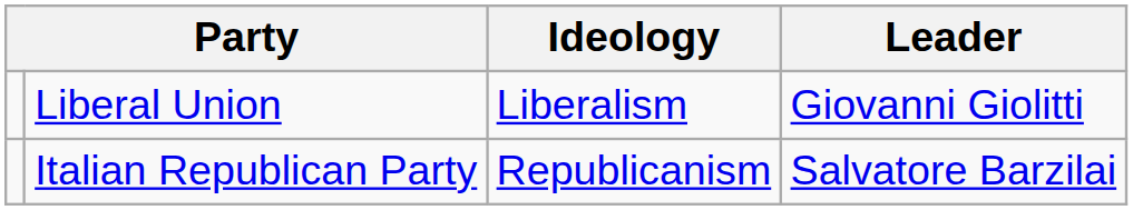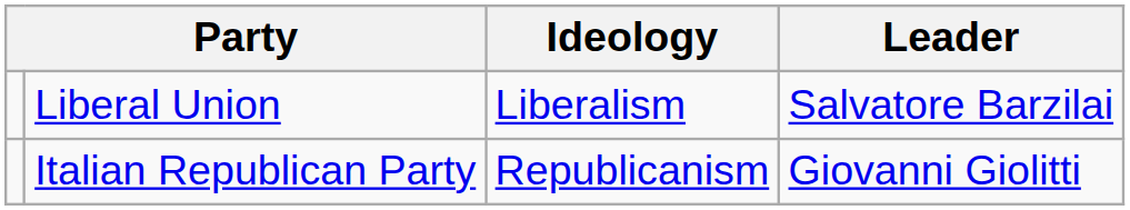 <table class=wikitable style="font-size:100%">
 <tr>
 <th colspan=2>Party</th>
 <th>Ideology</th>
 <th>Leader</th>
 </tr>
 <tr>
 <td style="color:inherit;background:"></td>
 <td><a href='#'>Liberal Union</a></td>
 <td><a href='#'>Liberalism</a></td>
-<td><a href='#'>Giovanni Giolitti</a></td>
+<td><a href='#'>Salvatore Barzilai</a></td>
 </tr>
 <tr>
 <td style="color:inherit;background:"></td>
 <td><a href='#'>Italian Republican Party</a></td>
 <td><a href='#'>Republicanism</a></td>
-<td><a href='#'>Salvatore Barzilai</a></td>
+<td><a href='#'>Giovanni Giolitti</a></td>
 </tr>
 </table>
